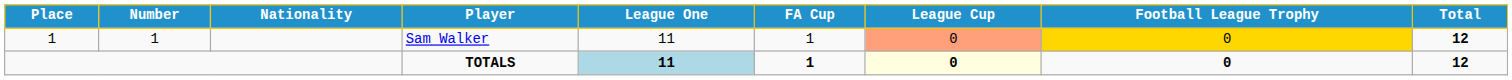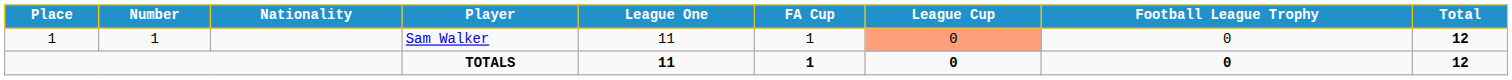 <table class="wikitable" style="text-align:center; font-size:90%; width:100%;">
 <tr>
 <th style="background:#2191CC; color:white; border:1px solid #F7C408; text-align:center;">Place</th>
 <th style="background:#2191CC; color:white; border:1px solid #F7C408; text-align:center;">Number</th>
 <th style="background:#2191CC; color:white; border:1px solid #F7C408; text-align:center;">Nationality</th>
 <th style="background:#2191CC; color:white; border:1px solid #F7C408; text-align:center;">Player</th>
 <th style="background:#2191CC; color:white; border:1px solid #F7C408; text-align:center;">League One</th>
 <th style="background:#2191CC; color:white; border:1px solid #F7C408; text-align:center;">FA Cup</th>
 <th style="background:#2191CC; color:white; border:1px solid #F7C408; text-align:center;">League Cup</th>
 <th style="background:#2191CC; color:white; border:1px solid #F7C408; text-align:center;">Football League Trophy</th>
 <th style="background:#2191CC; color:white; border:1px solid #F7C408; text-align:center;">Total</th>
 </tr>
 <tr>
 <td>1</td>
 <td>1</td>
 <td></td>
 <td align="left"><a href='#'>Sam Walker</a></td>
 <td>11</td>
 <td>1</td>
 <td style="background: lightsalmon;">0</td>
-<td style="background: gold;">0</td>
+<td>0</td>
 <td><strong>12</strong></td>
 </tr>
 <tr>
 <td colspan="3"></td>
 <td><strong>TOTALS</strong></td>
-<td style="background: lightblue;"><strong>11</strong></td>
+<td><strong>11</strong></td>
 <td><strong>1</strong></td>
-<td style="background: lightyellow;"><strong>0</strong></td>
+<td><strong>0</strong></td>
 <td><strong>0</strong></td>
 <td><strong>12</strong></td>
 </tr>
 </table>
